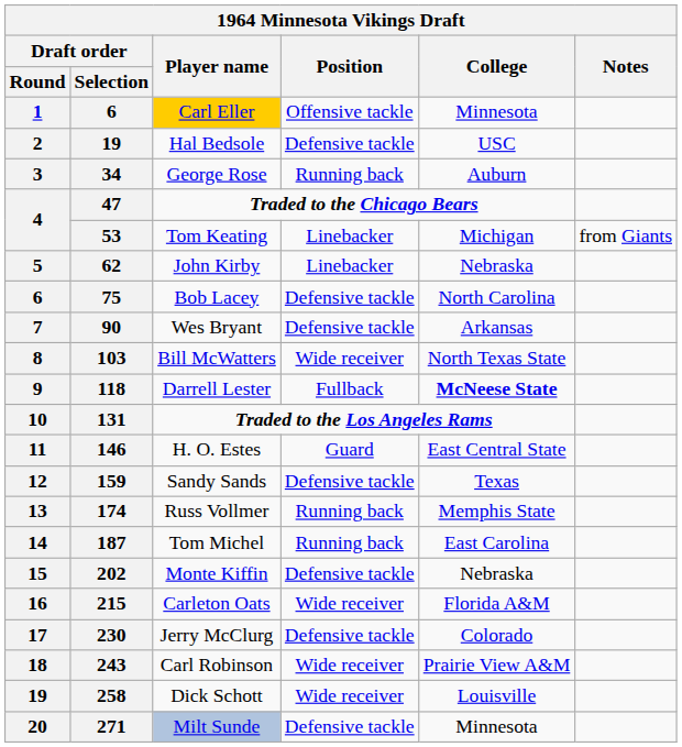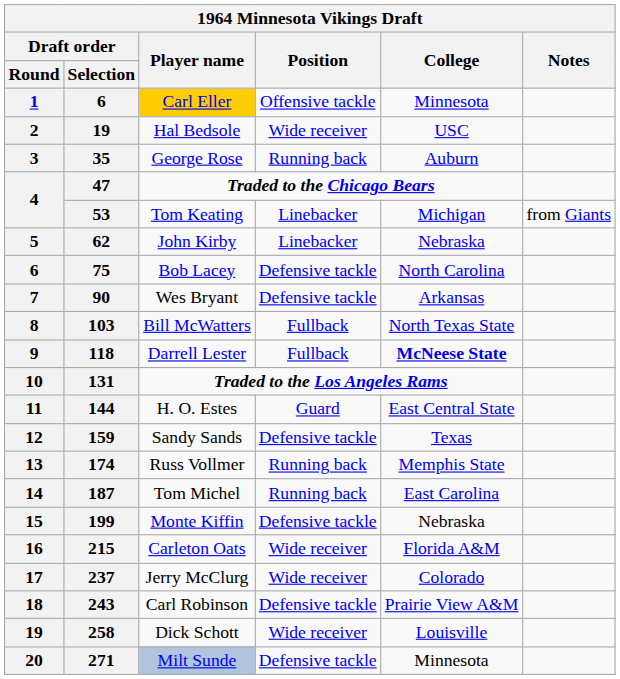 <table class="wikitable" style="text-align:center">
 <tr>
 <th colspan="6">1964 Minnesota Vikings Draft</th>
 </tr>
 <tr>
 <th colspan="2">Draft order</th>
 <th rowspan="2">Player name</th>
 <th rowspan="2">Position</th>
 <th rowspan="2">College</th>
 <th rowspan="2">Notes</th>
 </tr>
 <tr>
 <th>Round</th>
 <th>Selection</th>
 </tr>
 <tr>
 <th><a href='#'>1</a></th>
 <th>6</th>
 <td bgcolor=#FFCC00><a href='#'>Carl Eller</a></td>
 <td><a href='#'>Offensive tackle</a></td>
 <td><a href='#'>Minnesota</a></td>
 <td></td>
 </tr>
 <tr>
 <th>2</th>
 <th>19</th>
 <td><a href='#'>Hal Bedsole</a></td>
-<td><a href='#'>Defensive tackle</a></td>
+<td><a href='#'>Wide receiver</a></td>
 <td><a href='#'>USC</a></td>
 <td></td>
 </tr>
 <tr>
 <th>3</th>
-<th>34</th>
+<th>35</th>
 <td><a href='#'>George Rose</a></td>
 <td><a href='#'>Running back</a></td>
 <td><a href='#'>Auburn</a></td>
 <td></td>
 </tr>
 <tr>
 <th rowspan="2">4</th>
 <th>47</th>
 <td colspan="3"><strong><em>Traded to the <a href='#'>Chicago Bears</a></em></strong></td>
 <td></td>
 </tr>
 <tr>
 <th>53</th>
 <td><a href='#'>Tom Keating</a></td>
 <td><a href='#'>Linebacker</a></td>
 <td><a href='#'>Michigan</a></td>
 <td>from <a href='#'>Giants</a></td>
 </tr>
 <tr>
 <th>5</th>
 <th>62</th>
 <td><a href='#'>John Kirby</a></td>
 <td><a href='#'>Linebacker</a></td>
 <td><a href='#'>Nebraska</a></td>
 <td></td>
 </tr>
 <tr>
 <th>6</th>
 <th>75</th>
 <td><a href='#'>Bob Lacey</a></td>
 <td><a href='#'>Defensive tackle</a></td>
 <td><a href='#'>North Carolina</a></td>
 <td></td>
 </tr>
 <tr>
 <th>7</th>
 <th>90</th>
 <td>Wes Bryant</td>
 <td><a href='#'>Defensive tackle</a></td>
 <td><a href='#'>Arkansas</a></td>
 <td></td>
 </tr>
 <tr>
 <th>8</th>
 <th>103</th>
 <td><a href='#'>Bill McWatters</a></td>
-<td><a href='#'>Wide receiver</a></td>
+<td><a href='#'>Fullback</a></td>
 <td><a href='#'>North Texas State</a></td>
 <td></td>
 </tr>
 <tr>
 <th>9</th>
 <th>118</th>
 <td><a href='#'>Darrell Lester</a></td>
 <td><a href='#'>Fullback</a></td>
 <td><strong><a href='#'>McNeese State</a></strong></td>
 <td></td>
 </tr>
 <tr>
 <th>10</th>
 <th>131</th>
 <td colspan="3"><strong><em>Traded to the <a href='#'>Los Angeles Rams</a></em></strong></td>
 <td></td>
 </tr>
 <tr>
 <th>11</th>
-<th>146</th>
+<th>144</th>
 <td>H. O. Estes</td>
 <td><a href='#'>Guard</a></td>
 <td><a href='#'>East Central State</a></td>
 <td></td>
 </tr>
 <tr>
 <th>12</th>
 <th>159</th>
 <td>Sandy Sands</td>
 <td><a href='#'>Defensive tackle</a></td>
 <td><a href='#'>Texas</a></td>
 <td></td>
 </tr>
 <tr>
 <th>13</th>
 <th>174</th>
 <td>Russ Vollmer</td>
 <td><a href='#'>Running back</a></td>
 <td><a href='#'>Memphis State</a></td>
 <td></td>
 </tr>
 <tr>
 <th>14</th>
 <th>187</th>
 <td>Tom Michel</td>
 <td><a href='#'>Running back</a></td>
 <td><a href='#'>East Carolina</a></td>
 <td></td>
 </tr>
 <tr>
 <th>15</th>
-<th>202</th>
+<th>199</th>
 <td><a href='#'>Monte Kiffin</a></td>
 <td><a href='#'>Defensive tackle</a></td>
 <td>Nebraska</td>
 <td></td>
 </tr>
 <tr>
 <th>16</th>
 <th>215</th>
 <td><a href='#'>Carleton Oats</a></td>
 <td><a href='#'>Wide receiver</a></td>
 <td><a href='#'>Florida A&M</a></td>
 <td></td>
 </tr>
 <tr>
 <th>17</th>
-<th>230</th>
+<th>237</th>
 <td>Jerry McClurg</td>
-<td><a href='#'>Defensive tackle</a></td>
+<td><a href='#'>Wide receiver</a></td>
 <td><a href='#'>Colorado</a></td>
 <td></td>
 </tr>
 <tr>
 <th>18</th>
 <th>243</th>
 <td>Carl Robinson</td>
-<td><a href='#'>Wide receiver</a></td>
+<td><a href='#'>Defensive tackle</a></td>
 <td><a href='#'>Prairie View A&M</a></td>
 <td></td>
 </tr>
 <tr>
 <th>19</th>
 <th>258</th>
 <td>Dick Schott</td>
 <td><a href='#'>Wide receiver</a></td>
 <td><a href='#'>Louisville</a></td>
 <td></td>
 </tr>
 <tr>
 <th>20</th>
 <th>271</th>
 <td bgcolor=lightsteelblue><a href='#'>Milt Sunde</a></td>
 <td><a href='#'>Defensive tackle</a></td>
 <td>Minnesota</td>
 <td></td>
 </tr>
 </table>
